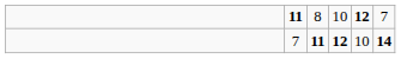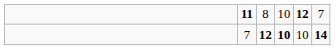 <table class="wikitable">
 <tr>
 <td style="width:18em"></td>
 <td align=center style="width:1em"><strong>11</strong></td>
 <td align=center style="width:1em">8</td>
 <td align=center style="width:1em">10</td>
 <td align=center style="width:1em"><strong>12</strong></td>
 <td align=center style="width:1em">7</td>
 </tr>
 <tr>
 <td style="width:18em"></td>
 <td align=center style="width:1em">7</td>
-<td align=center style="width:1em"><strong>11</strong></td>
 <td align=center style="width:1em"><strong>12</strong></td>
+<td align=center style="width:1em"><strong>10</strong></td>
 <td align=center style="width:1em">10</td>
 <td align=center style="width:1em"><strong>14</strong></td>
 </tr>
 </table>
